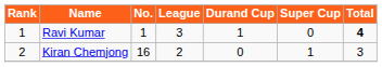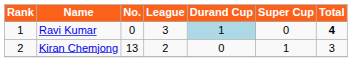 <table class="wikitable" style="font-size; text-align: center;">
 <tr>
 <th style="background:#FD6019; color:#FFFFFF; text-align:center;">Rank</th>
 <th style="background:#FD6019; color:#FFFFFF; text-align:center;">Name</th>
 <th style="background:#FD6019; color:#FFFFFF; text-align:center;">No.</th>
 <th style="background:#FD6019; color:#FFFFFF; text-align:center;">League</th>
 <th style="background:#FD6019; color:#FFFFFF; text-align:center;">Durand Cup</th>
 <th style="background:#FD6019; color:#FFFFFF; text-align:center;">Super Cup</th>
 <th style="background:#FD6019; color:#FFFFFF; text-align:center;">Total</th>
 </tr>
 <tr>
 <td rowspan="1">1</td>
 <td align="left"> <a href='#'>Ravi Kumar</a></td>
-<td>1</td>
+<td>0</td>
 <td>3</td>
-<td>1</td>
+<td style="background: lightblue;">1</td>
 <td>0</td>
 <td><strong>4</strong></td>
 </tr>
 <tr>
 <td rowspan="1">2</td>
 <td align="left"> <a href='#'>Kiran Chemjong</a></td>
-<td>16</td>
+<td>13</td>
 <td>2</td>
 <td>0</td>
 <td>1</td>
 <td>3</td>
 </tr>
 <tr>
 </tr>
 </table>
